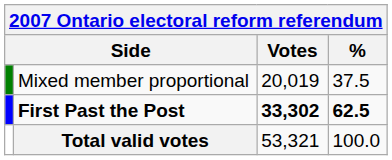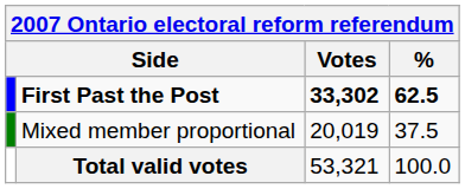 <table class="wikitable" style="font-size: 95%; clear:both">
 <tr style="background-color:#E9E9E9">
 <th colspan=4><a href='#'>2007 Ontario electoral reform referendum</a></th>
 </tr>
 <tr style="background-color:#E9E9E9">
 <th colspan=2 style="width: 130px">Side</th>
 <th style="width: 50px">Votes</th>
 <th style="width: 40px">%</th>
 </tr>
 <tr>
+<td bgcolor="blue"></td>
+<td><strong>First Past the Post</strong></td>
+<td><strong>33,302</strong></td>
+<td><strong>62.5</strong></td>
+</tr>
+<tr>
 <td bgcolor="green"></td>
 <td>Mixed member proportional</td>
 <td>20,019</td>
 <td>37.5</td>
-</tr>
-<tr>
-<td bgcolor="blue"></td>
-<td><strong>First Past the Post</strong></td>
-<td><strong>33,302</strong></td>
-<td><strong>62.5</strong></td>
 </tr>
 <tr>
 <td bgcolor="white"></td>
 <th>Total valid votes</th>
 <td>53,321</td>
 <td>100.0</td>
 </tr>
 </table>
